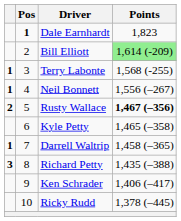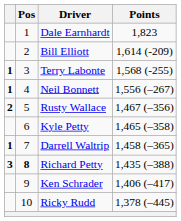 <table class="wikitable" style="font-size: 95%;">
 <tr>
 <th></th>
 <th>Pos</th>
 <th>Driver</th>
 <th>Points</th>
 </tr>
 <tr>
 <td align="left"></td>
-<td style="text-align:center;"><strong>1</strong></td>
+<td style="text-align:center;">1</td>
 <td><a href='#'>Dale Earnhardt</a></td>
 <td style="text-align:center;">1,823</td>
 </tr>
 <tr>
 <td align="left"></td>
 <td style="text-align:center;">2</td>
 <td><a href='#'>Bill Elliott</a></td>
-<td style="background: lightgreen; text-align:center;">1,614 (-209)</td>
+<td style="text-align:center;">1,614 (-209)</td>
 </tr>
 <tr>
 <td align="left">  <strong>1</strong></td>
 <td style="text-align:center;">3</td>
 <td><a href='#'>Terry Labonte</a></td>
 <td style="text-align:center;">1,568 (-255)</td>
 </tr>
 <tr>
 <td align="left">  <strong>1</strong></td>
 <td style="text-align:center;">4</td>
 <td><a href='#'>Neil Bonnett</a></td>
 <td style="text-align:center;">1,556 (–267)</td>
 </tr>
 <tr>
 <td align="left">  <strong>2</strong></td>
 <td style="text-align:center;">5</td>
 <td><a href='#'>Rusty Wallace</a></td>
-<td style="text-align:center;"><strong>1,467 (–356)</strong></td>
+<td style="text-align:center;">1,467 (–356)</td>
 </tr>
 <tr>
 <td align="left"></td>
 <td style="text-align:center;">6</td>
 <td><a href='#'>Kyle Petty</a></td>
 <td style="text-align:center;">1,465 (–358)</td>
 </tr>
 <tr>
 <td align="left">  <strong>1</strong></td>
 <td style="text-align:center;">7</td>
 <td><a href='#'>Darrell Waltrip</a></td>
 <td style="text-align:center;">1,458 (–365)</td>
 </tr>
 <tr>
 <td align="left">  <strong>3</strong></td>
-<td style="text-align:center;">8</td>
+<td style="text-align:center;"><strong>8</strong></td>
 <td><a href='#'>Richard Petty</a></td>
 <td style="text-align:center;">1,435 (–388)</td>
 </tr>
 <tr>
 <td align="left"></td>
 <td style="text-align:center;">9</td>
 <td><a href='#'>Ken Schrader</a></td>
 <td style="text-align:center;">1,406 (–417)</td>
 </tr>
 <tr>
 <td align="left"></td>
 <td style="text-align:center;">10</td>
 <td><a href='#'>Ricky Rudd</a></td>
 <td style="text-align:center;">1,378 (–445)</td>
 </tr>
 <tr class="sortbottom">
 <th colspan="9"></th>
 </tr>
 </table>
